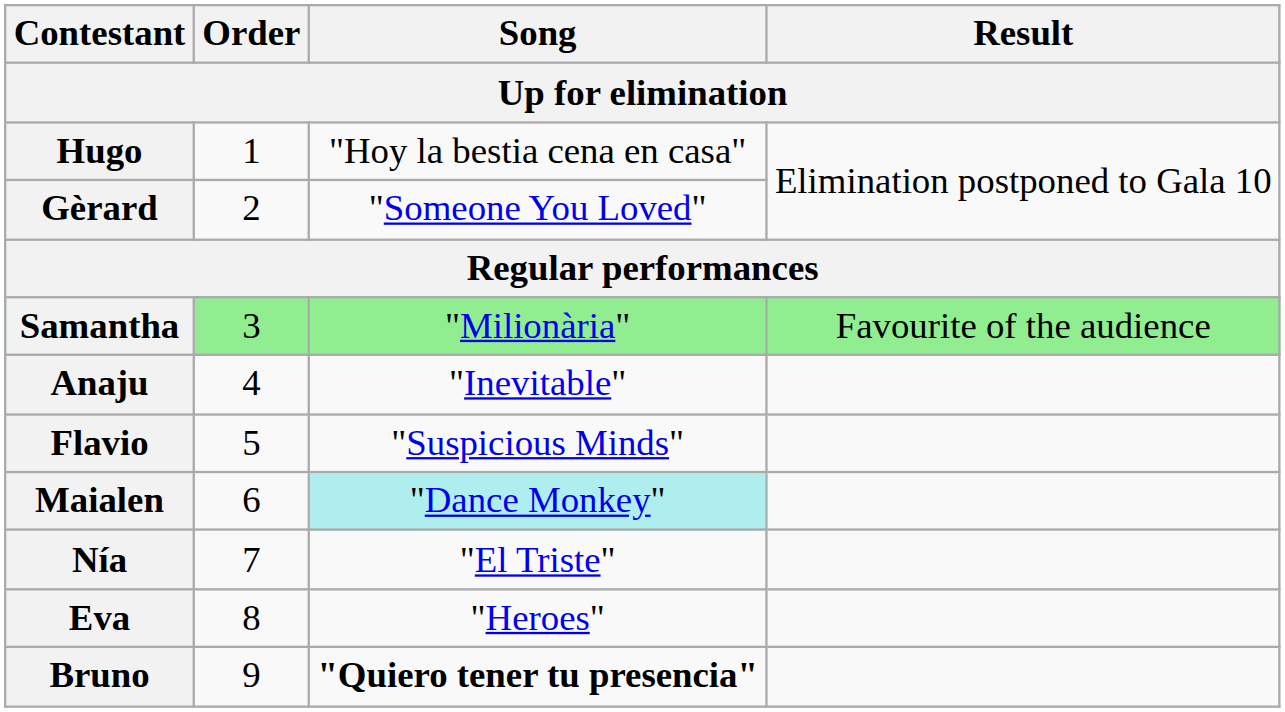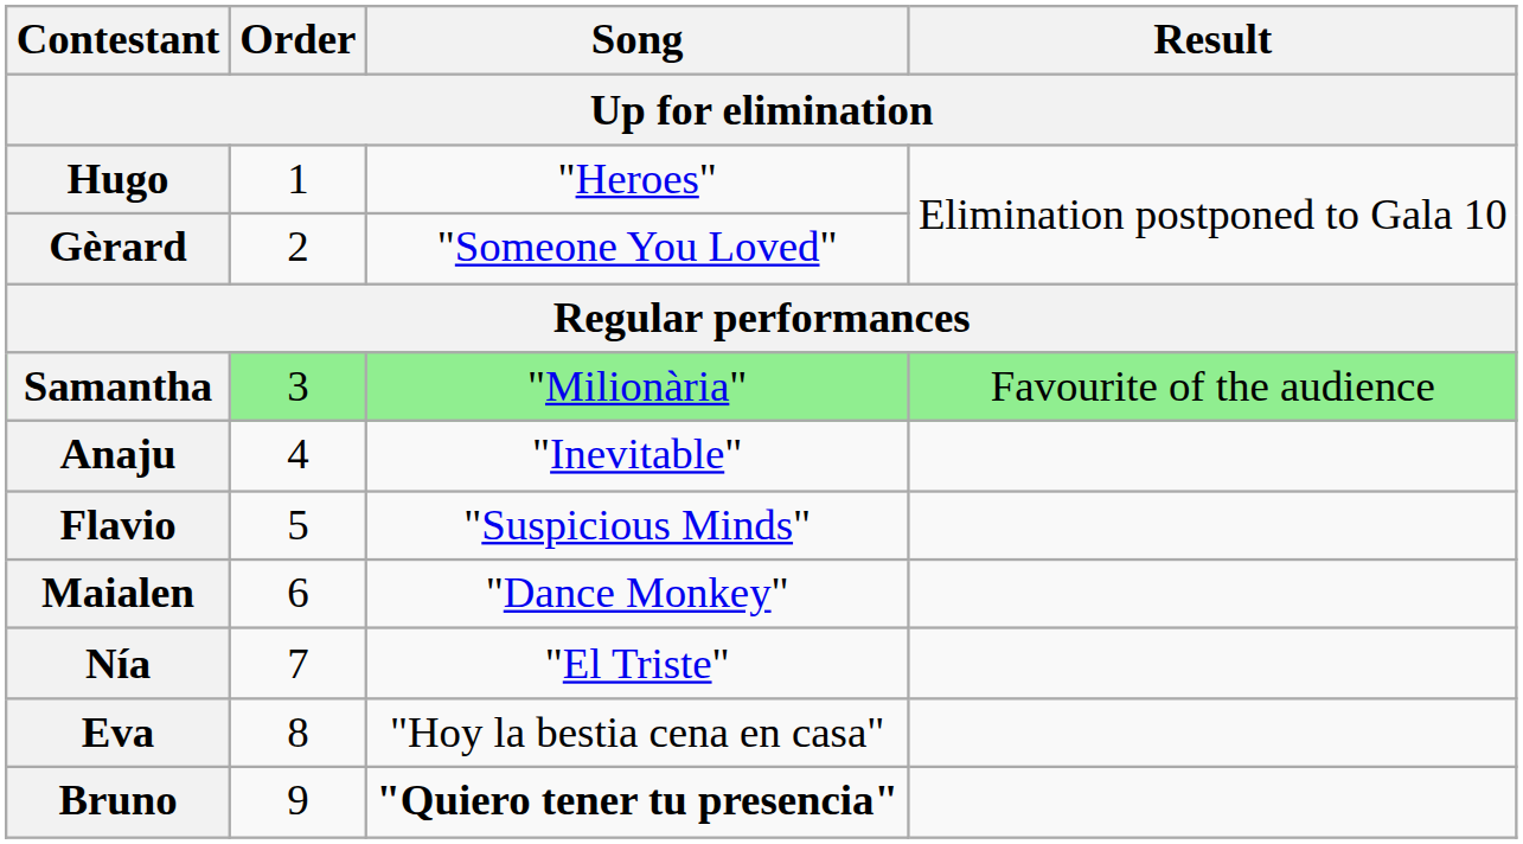 <table class="wikitable sortable plainrowheaders" style="text-align:center;">
 <tr>
 <th scope="col">Contestant</th>
 <th scope="col">Order</th>
 <th scope="col">Song</th>
 <th scope="col">Result</th>
 </tr>
 <tr>
 <th colspan="4">Up for elimination</th>
 </tr>
 <tr>
 <th scope="row">Hugo</th>
 <td>1</td>
-<td>"Hoy la bestia cena en casa"</td>
+<td>"<a href='#'>Heroes</a>"</td>
 <td rowspan=2>Elimination postponed to Gala 10</td>
 </tr>
 <tr>
 <th scope="row">Gèrard</th>
 <td>2</td>
 <td>"<a href='#'>Someone You Loved</a>"</td>
 </tr>
 <tr>
 <th colspan="4">Regular performances</th>
 </tr>
 <tr bgcolor="lightgreen">
 <th scope="row">Samantha</th>
 <td>3</td>
 <td>"<a href='#'>Milionària</a>"</td>
 <td>Favourite of the audience</td>
 </tr>
 <tr>
 <th scope="row">Anaju</th>
 <td>4</td>
 <td>"<a href='#'>Inevitable</a>"</td>
 <td></td>
 </tr>
 <tr>
 <th scope="row">Flavio</th>
 <td>5</td>
 <td>"<a href='#'>Suspicious Minds</a>"</td>
 <td></td>
 </tr>
 <tr>
 <th scope="row">Maialen</th>
 <td>6</td>
-<td style="background: paleturquoise;">"<a href='#'>Dance Monkey</a>"</td>
+<td>"<a href='#'>Dance Monkey</a>"</td>
 <td></td>
 </tr>
 <tr>
 <th scope="row">Nía</th>
 <td>7</td>
 <td>"<a href='#'>El Triste</a>"</td>
 <td></td>
 </tr>
 <tr>
 <th scope="row">Eva</th>
 <td>8</td>
-<td>"<a href='#'>Heroes</a>"</td>
+<td>"Hoy la bestia cena en casa"</td>
 <td></td>
 </tr>
 <tr>
 <th scope="row">Bruno</th>
 <td>9</td>
 <td><strong>"Quiero tener tu presencia"</strong></td>
 <td></td>
 </tr>
 </table>
